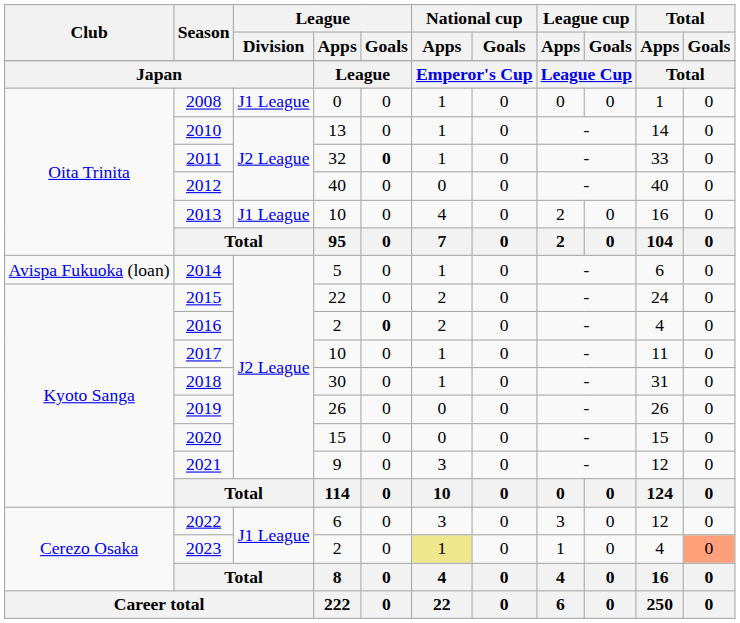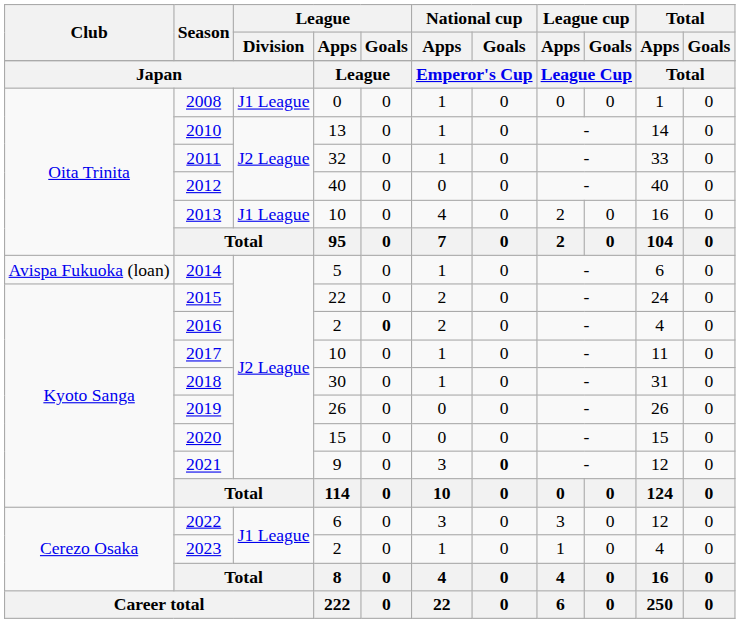 <table class="wikitable" style="text-align:center">
 <tr>
 <th rowspan=2>Club</th>
 <th rowspan=2>Season</th>
 <th colspan=3>League</th>
 <th colspan=2>National cup</th>
 <th colspan=2>League cup</th>
 <th colspan=2>Total</th>
 </tr>
 <tr>
 <th>Division</th>
 <th>Apps</th>
 <th>Goals</th>
 <th>Apps</th>
 <th>Goals</th>
 <th>Apps</th>
 <th>Goals</th>
 <th>Apps</th>
 <th>Goals</th>
 </tr>
 <tr>
 </tr>
 <tr>
 <th colspan=3>Japan</th>
 <th colspan=2>League</th>
 <th colspan=2><a href='#'>Emperor's Cup</a></th>
 <th colspan=2><a href='#'>League Cup</a></th>
 <th colspan=2>Total</th>
 </tr>
 <tr>
 <td rowspan="6"><a href='#'>Oita Trinita</a></td>
 <td><a href='#'>2008</a></td>
 <td><a href='#'>J1 League</a></td>
 <td>0</td>
 <td>0</td>
 <td>1</td>
 <td>0</td>
 <td>0</td>
 <td>0</td>
 <td>1</td>
 <td>0</td>
 </tr>
 <tr>
 <td><a href='#'>2010</a></td>
 <td rowspan="3"><a href='#'>J2 League</a></td>
 <td>13</td>
 <td>0</td>
 <td>1</td>
 <td>0</td>
 <td colspan="2">-</td>
 <td>14</td>
 <td>0</td>
 </tr>
 <tr>
 <td><a href='#'>2011</a></td>
 <td>32</td>
-<td><strong>0</strong></td>
+<td>0</td>
 <td>1</td>
 <td>0</td>
 <td colspan="2">-</td>
 <td>33</td>
 <td>0</td>
 </tr>
 <tr>
 <td><a href='#'>2012</a></td>
 <td>40</td>
 <td>0</td>
 <td>0</td>
 <td>0</td>
 <td colspan="2">-</td>
 <td>40</td>
 <td>0</td>
 </tr>
 <tr>
 <td><a href='#'>2013</a></td>
 <td><a href='#'>J1 League</a></td>
 <td>10</td>
 <td>0</td>
 <td>4</td>
 <td>0</td>
 <td>2</td>
 <td>0</td>
 <td>16</td>
 <td>0</td>
 </tr>
 <tr>
 <th colspan="2">Total</th>
 <th>95</th>
 <th>0</th>
 <th>7</th>
 <th>0</th>
 <th>2</th>
 <th>0</th>
 <th>104</th>
 <th>0</th>
 </tr>
 <tr>
 <td><a href='#'>Avispa Fukuoka</a> (loan)</td>
 <td><a href='#'>2014</a></td>
 <td rowspan="8"><a href='#'>J2 League</a></td>
 <td>5</td>
 <td>0</td>
 <td>1</td>
 <td>0</td>
 <td colspan="2">-</td>
 <td>6</td>
 <td>0</td>
 </tr>
 <tr>
 <td rowspan="8"><a href='#'>Kyoto Sanga</a></td>
 <td><a href='#'>2015</a></td>
 <td>22</td>
 <td>0</td>
 <td>2</td>
 <td>0</td>
 <td colspan="2">-</td>
 <td>24</td>
 <td>0</td>
 </tr>
 <tr>
 <td><a href='#'>2016</a></td>
 <td>2</td>
 <td><strong>0</strong></td>
 <td>2</td>
 <td>0</td>
 <td colspan="2">-</td>
 <td>4</td>
 <td>0</td>
 </tr>
 <tr>
 <td><a href='#'>2017</a></td>
 <td>10</td>
 <td>0</td>
 <td>1</td>
 <td>0</td>
 <td colspan="2">-</td>
 <td>11</td>
 <td>0</td>
 </tr>
 <tr>
 <td><a href='#'>2018</a></td>
 <td>30</td>
 <td>0</td>
 <td>1</td>
 <td>0</td>
 <td colspan="2">-</td>
 <td>31</td>
 <td>0</td>
 </tr>
 <tr>
 <td><a href='#'>2019</a></td>
 <td>26</td>
 <td>0</td>
 <td>0</td>
 <td>0</td>
 <td colspan="2">-</td>
 <td>26</td>
 <td>0</td>
 </tr>
 <tr>
 <td><a href='#'>2020</a></td>
 <td>15</td>
 <td>0</td>
 <td>0</td>
 <td>0</td>
 <td colspan="2">-</td>
 <td>15</td>
 <td>0</td>
 </tr>
 <tr>
 <td><a href='#'>2021</a></td>
 <td>9</td>
 <td>0</td>
 <td>3</td>
-<td>0</td>
+<td><strong>0</strong></td>
 <td colspan="2">-</td>
 <td>12</td>
 <td>0</td>
 </tr>
 <tr>
 <th colspan="2">Total</th>
 <th>114</th>
 <th>0</th>
 <th>10</th>
 <th>0</th>
 <th>0</th>
 <th>0</th>
 <th>124</th>
 <th>0</th>
 </tr>
 <tr>
 <td rowspan="3"><a href='#'>Cerezo Osaka</a></td>
 <td><a href='#'>2022</a></td>
 <td rowspan="2"><a href='#'>J1 League</a></td>
 <td>6</td>
 <td>0</td>
 <td>3</td>
 <td>0</td>
 <td>3</td>
 <td>0</td>
 <td>12</td>
 <td>0</td>
 </tr>
 <tr>
 <td><a href='#'>2023</a></td>
 <td>2</td>
 <td>0</td>
-<td style="background: khaki;">1</td>
+<td>1</td>
 <td>0</td>
 <td>1</td>
 <td>0</td>
 <td>4</td>
-<td style="background: lightsalmon;">0</td>
+<td>0</td>
 </tr>
 <tr>
 <th colspan="2">Total</th>
 <th>8</th>
 <th>0</th>
 <th>4</th>
 <th>0</th>
 <th>4</th>
 <th>0</th>
 <th>16</th>
 <th>0</th>
 </tr>
 <tr>
 <th colspan=3>Career total</th>
 <th>222</th>
 <th>0</th>
 <th>22</th>
 <th>0</th>
 <th>6</th>
 <th>0</th>
 <th>250</th>
 <th>0</th>
 </tr>
 </table>
